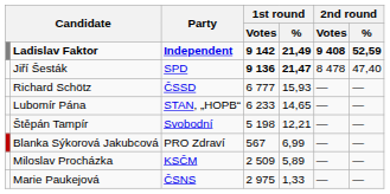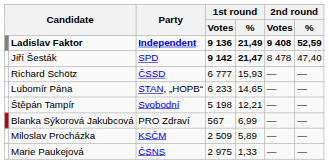 <table class="wikitable sortable">
 <tr>
 <th colspan="2" rowspan="2">Candidate</th>
 <th rowspan="2">Party</th>
 <th colspan="2">1st round</th>
 <th colspan="2">2nd round</th>
 </tr>
 <tr>
 <th>Votes</th>
 <th>%</th>
 <th>Votes</th>
 <th>%</th>
 </tr>
 <tr>
 <td style="background-color:gray;"></td>
 <td><strong>Ladislav Faktor</strong></td>
 <td><a href='#'><strong>Independent</strong></a></td>
-<td><strong>9 142</strong></td>
+<td><strong>9 136</strong></td>
 <td><strong>21,49</strong></td>
 <td><strong>9 408</strong></td>
 <td><strong>52,59</strong></td>
 </tr>
 <tr>
 <td style="background-color:"></td>
 <td>Jiří Šesták</td>
 <td><a href='#'>SPD</a></td>
-<td><strong>9 136</strong></td>
+<td><strong>9 142</strong></td>
 <td><strong>21,47</strong></td>
 <td>8 478</td>
 <td>47,40</td>
 </tr>
 <tr>
 <td style="background-color:"></td>
 <td>Richard Schötz</td>
 <td><a href='#'>ČSSD</a></td>
 <td>6 777</td>
 <td>15,93</td>
 <td>—</td>
 <td>—</td>
 </tr>
 <tr>
 <td style="background-color:"></td>
 <td>Lubomír Pána</td>
 <td><a href='#'>STAN</a>, „HOPB“</td>
 <td>6 233</td>
 <td>14,65</td>
 <td>—</td>
 <td>—</td>
 </tr>
 <tr>
 <td style="background-color:"></td>
 <td>Štěpán Tampír</td>
 <td><a href='#'>Svobodní</a></td>
 <td>5 198</td>
 <td>12,21</td>
 <td>—</td>
 <td>—</td>
 </tr>
 <tr>
 <td style="background-color:#bf0202;"></td>
 <td>Blanka Sýkorová Jakubcová</td>
 <td>PRO Zdraví</td>
 <td>567</td>
 <td>6,99</td>
 <td>—</td>
 <td>—</td>
 </tr>
 <tr>
 <td style="background-color:"></td>
 <td>Miloslav Procházka</td>
 <td><a href='#'>KSČM</a></td>
 <td>2 509</td>
 <td>5,89</td>
 <td>—</td>
 <td>—</td>
 </tr>
 <tr>
 <td style="background-color:"></td>
 <td>Marie Paukejová</td>
 <td><a href='#'>ČSNS</a></td>
 <td>2 975</td>
 <td>1,33</td>
 <td>—</td>
 <td>—</td>
 </tr>
 </table>
